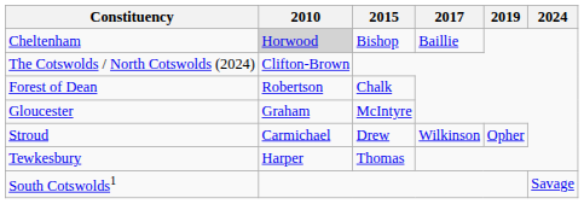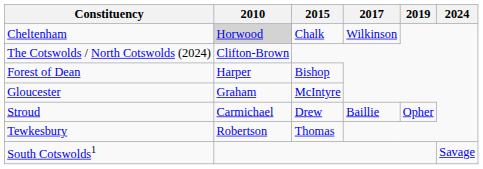 <table class="wikitable">
 <tr>
 <th>Constituency</th>
 <th>2010</th>
 <th>2015</th>
 <th>2017</th>
 <th>2019</th>
 <th>2024</th>
 </tr>
 <tr>
 <td><a href='#'>Cheltenham</a></td>
 <td style="background: lightgrey;"><a href='#'>Horwood</a></td>
-<td><a href='#'>Bishop</a></td>
-<td><a href='#'>Baillie</a></td>
+<td><a href='#'>Chalk</a></td>
+<td><a href='#'>Wilkinson</a></td>
 </tr>
 <tr>
 <td><a href='#'>The Cotswolds</a> / <a href='#'>North Cotswolds</a> (2024)</td>
 <td><a href='#'>Clifton-Brown</a></td>
 </tr>
 <tr>
 <td><a href='#'>Forest of Dean</a></td>
-<td><a href='#'>Robertson</a></td>
-<td><a href='#'>Chalk</a></td>
+<td><a href='#'>Harper</a></td>
+<td><a href='#'>Bishop</a></td>
 </tr>
 <tr>
 <td><a href='#'>Gloucester</a></td>
 <td><a href='#'>Graham</a></td>
 <td><a href='#'>McIntyre</a></td>
 </tr>
 <tr>
 <td><a href='#'>Stroud</a></td>
 <td><a href='#'>Carmichael</a></td>
 <td><a href='#'>Drew</a></td>
-<td><a href='#'>Wilkinson</a></td>
+<td><a href='#'>Baillie</a></td>
 <td><a href='#'>Opher</a></td>
 </tr>
 <tr>
 <td><a href='#'>Tewkesbury</a></td>
-<td><a href='#'>Harper</a></td>
+<td><a href='#'>Robertson</a></td>
 <td><a href='#'>Thomas</a></td>
 </tr>
 <tr>
 <td><a href='#'>South Cotswolds</a><sup>1</sup></td>
 <td colspan="4"></td>
 <td><a href='#'>Savage</a></td>
 </tr>
 </table>
